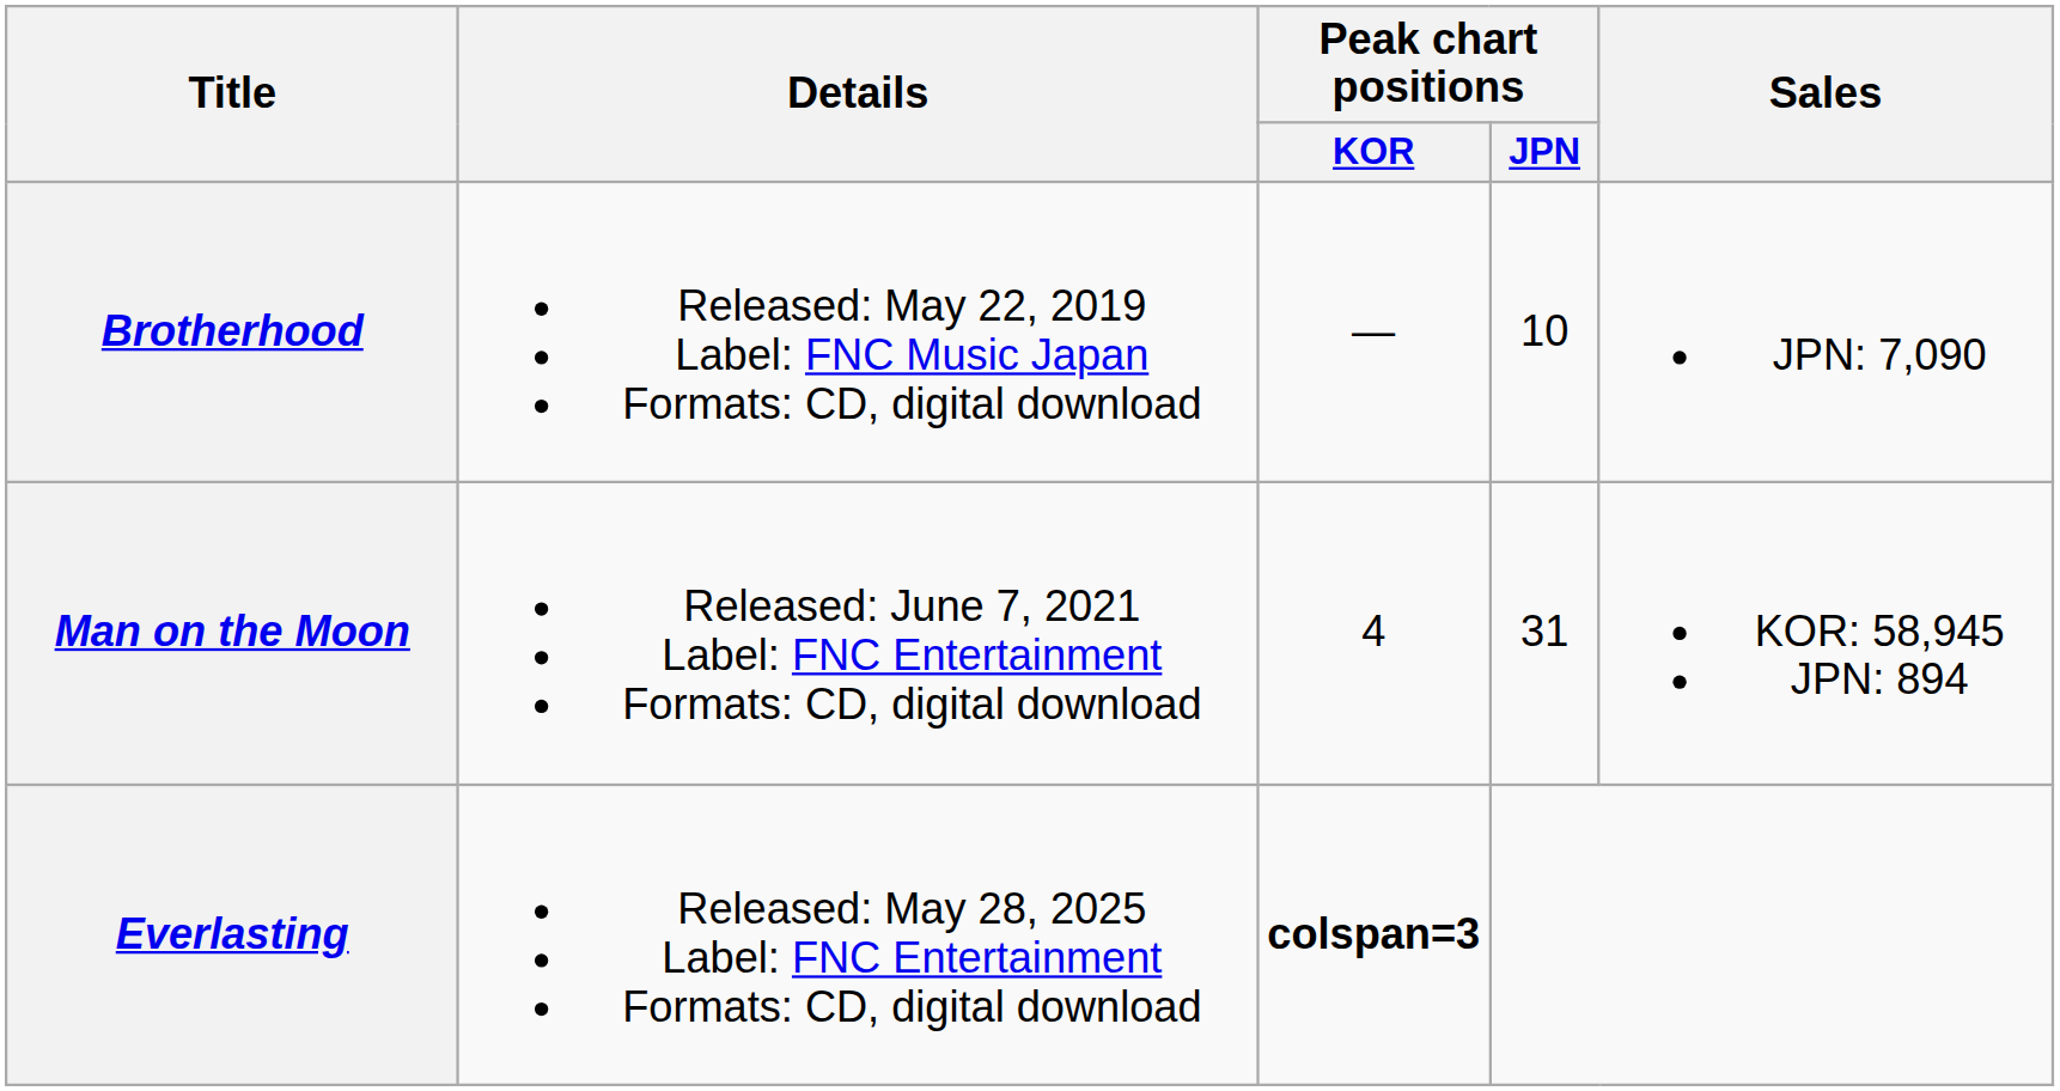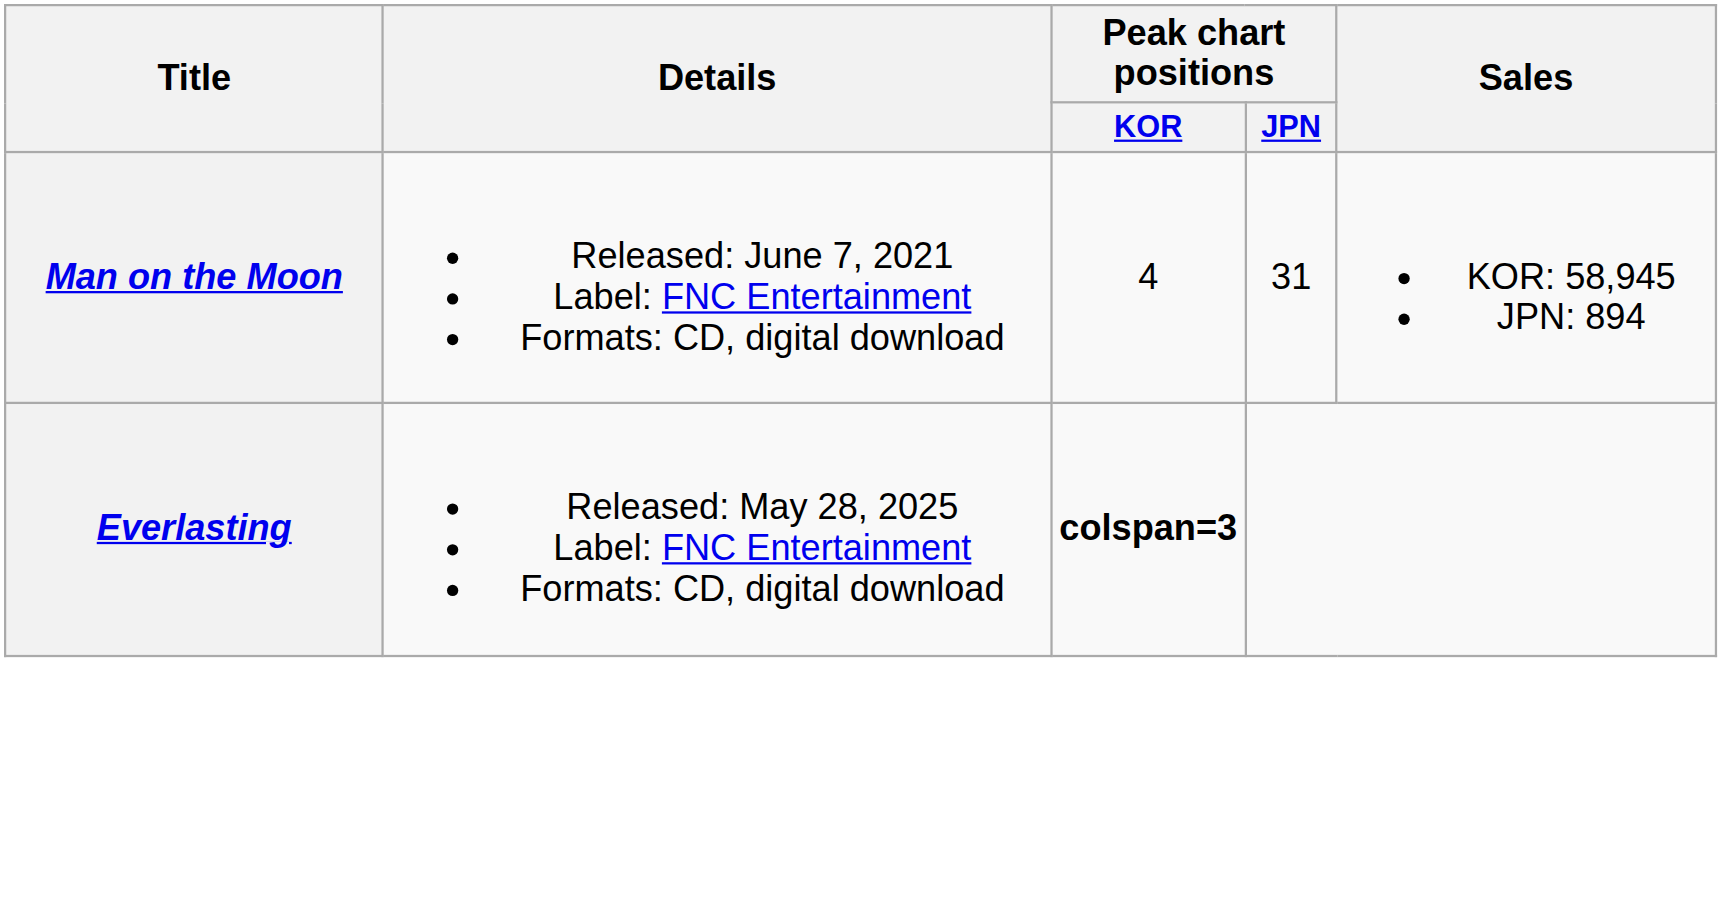 <table class="wikitable plainrowheaders" style="text-align:center;">
 <tr>
 <th rowspan="2" style="width:10em;">Title</th>
 <th rowspan="2" style="width:18em;">Details</th>
 <th colspan="2">Peak chart positions</th>
 <th rowspan="2" style="width:10em;">Sales</th>
 </tr>
 <tr>
 <th scope="col" style="width:2.5em;font-size:85%;"><a href='#'>KOR</a><br></th>
 <th scope="col" style="width:2.5em;font-size:85%;"><a href='#'>JPN</a><br></th>
-</tr>
-<tr>
-<th scope="row"><em><a href='#'>Brotherhood</a></em></th>
-<td><br><ul><li>Released: May 22, 2019 </li><li>Label: <a href='#'>FNC Music Japan</a></li><li>Formats: CD, digital download</li></ul></td>
-<td>—</td>
-<td>10</td>
-<td><br><ul><li>JPN: 7,090</li></ul></td>
 </tr>
 <tr>
 <th scope="row"><em><a href='#'>Man on the Moon</a></em></th>
 <td><br><ul><li>Released: June 7, 2021 </li><li>Label: <a href='#'>FNC Entertainment</a></li><li>Formats: CD, digital download</li></ul></td>
 <td>4</td>
 <td>31</td>
 <td><br><ul><li>KOR: 58,945</li><li>JPN: 894 </li></ul></td>
 </tr>
 <tr>
 <th scope="row"><em><a href='#'>Everlasting</a></em></th>
 <td><br><ul><li>Released: May 28, 2025 </li><li>Label: <a href='#'>FNC Entertainment</a></li><li>Formats: CD, digital download</li></ul></td>
 <td><strong>colspan=3 </strong></td>
 </tr>
 </table>
